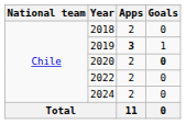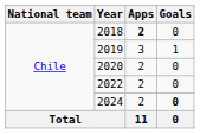 <table class=wikitable style=text-align:center>
 <tr>
 <th>National team</th>
 <th>Year</th>
 <th>Apps</th>
 <th>Goals</th>
 </tr>
 <tr>
 <td rowspan="5"><a href='#'>Chile</a></td>
 <td>2018</td>
-<td>2</td>
+<td><strong>2</strong></td>
 <td>0</td>
 </tr>
 <tr>
 <td>2019</td>
-<td><strong>3</strong></td>
+<td>3</td>
 <td>1</td>
 </tr>
 <tr>
 <td>2020</td>
 <td>2</td>
-<td><strong>0</strong></td>
+<td>0</td>
 </tr>
 <tr>
 <td>2022</td>
 <td>2</td>
 <td>0</td>
 </tr>
 <tr>
 <td>2024</td>
 <td>2</td>
-<td>0</td>
+<td><strong>0</strong></td>
 </tr>
 <tr>
 <th colspan="2">Total</th>
 <th>11</th>
 <th>0</th>
 </tr>
 </table>
